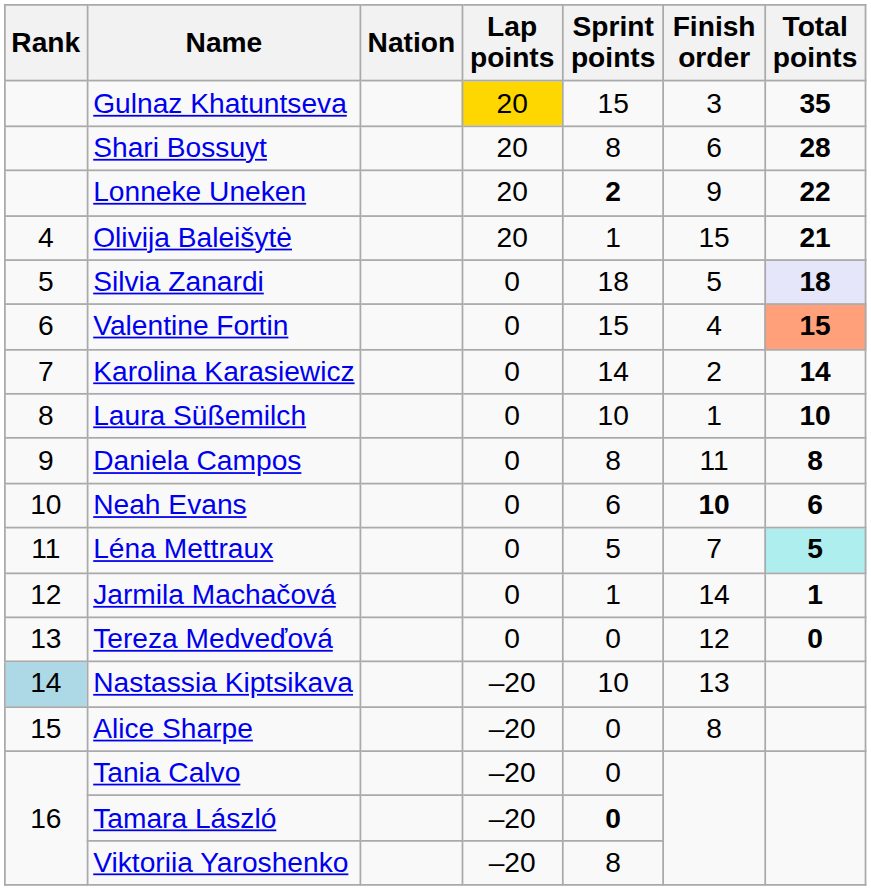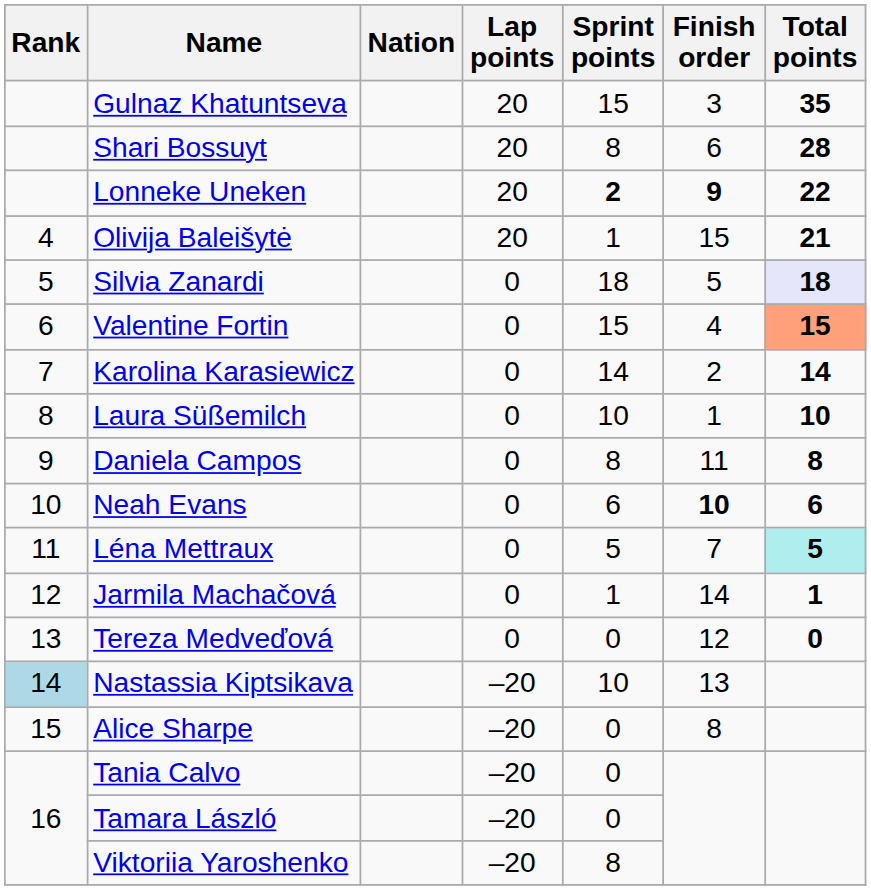 <table class="wikitable sortable" style="text-align:center">
 <tr>
 <th>Rank</th>
 <th>Name</th>
 <th>Nation</th>
 <th width=50>Lap points</th>
 <th width=50>Sprint points</th>
 <th width=50>Finish order</th>
 <th width=50>Total points</th>
 </tr>
 <tr>
 <td></td>
 <td align=left><a href='#'>Gulnaz Khatuntseva</a></td>
 <td align=left></td>
-<td style="background: gold;">20</td>
+<td>20</td>
 <td>15</td>
 <td>3</td>
 <td><strong>35</strong></td>
 </tr>
 <tr>
 <td></td>
 <td align=left><a href='#'>Shari Bossuyt</a></td>
 <td align=left></td>
 <td>20</td>
 <td>8</td>
 <td>6</td>
 <td><strong>28</strong></td>
 </tr>
 <tr>
 <td></td>
 <td align=left><a href='#'>Lonneke Uneken</a></td>
 <td align=left></td>
 <td>20</td>
 <td><strong>2</strong></td>
-<td>9</td>
+<td><strong>9</strong></td>
 <td><strong>22</strong></td>
 </tr>
 <tr>
 <td>4</td>
 <td align=left><a href='#'>Olivija Baleišytė</a></td>
 <td align=left></td>
 <td>20</td>
 <td>1</td>
 <td>15</td>
 <td><strong>21</strong></td>
 </tr>
 <tr>
 <td>5</td>
 <td align=left><a href='#'>Silvia Zanardi</a></td>
 <td align=left></td>
 <td>0</td>
 <td>18</td>
 <td>5</td>
 <td style="background: lavender;"><strong>18</strong></td>
 </tr>
 <tr>
 <td>6</td>
 <td align=left><a href='#'>Valentine Fortin</a></td>
 <td align=left></td>
 <td>0</td>
 <td>15</td>
 <td>4</td>
 <td style="background: lightsalmon;"><strong>15</strong></td>
 </tr>
 <tr>
 <td>7</td>
 <td align=left><a href='#'>Karolina Karasiewicz</a></td>
 <td align=left></td>
 <td>0</td>
 <td>14</td>
 <td>2</td>
 <td><strong>14</strong></td>
 </tr>
 <tr>
 <td>8</td>
 <td align=left><a href='#'>Laura Süßemilch</a></td>
 <td align=left></td>
 <td>0</td>
 <td>10</td>
 <td>1</td>
 <td><strong>10</strong></td>
 </tr>
 <tr>
 <td>9</td>
 <td align=left><a href='#'>Daniela Campos</a></td>
 <td align=left></td>
 <td>0</td>
 <td>8</td>
 <td>11</td>
 <td><strong>8</strong></td>
 </tr>
 <tr>
 <td>10</td>
 <td align=left><a href='#'>Neah Evans</a></td>
 <td align=left></td>
 <td>0</td>
 <td>6</td>
 <td><strong>10</strong></td>
 <td><strong>6</strong></td>
 </tr>
 <tr>
 <td>11</td>
 <td align=left><a href='#'>Léna Mettraux</a></td>
 <td align=left></td>
 <td>0</td>
 <td>5</td>
 <td>7</td>
 <td style="background: paleturquoise;"><strong>5</strong></td>
 </tr>
 <tr>
 <td>12</td>
 <td align=left><a href='#'>Jarmila Machačová</a></td>
 <td align=left></td>
 <td>0</td>
 <td>1</td>
 <td>14</td>
 <td><strong>1</strong></td>
 </tr>
 <tr>
 <td>13</td>
 <td align=left><a href='#'>Tereza Medveďová</a></td>
 <td align=left></td>
 <td>0</td>
 <td>0</td>
 <td>12</td>
 <td><strong>0</strong></td>
 </tr>
 <tr>
 <td style="background: lightblue;">14</td>
 <td align=left><a href='#'>Nastassia Kiptsikava</a></td>
 <td align=left></td>
 <td>–20</td>
 <td>10</td>
 <td>13</td>
 <td><strong></strong></td>
 </tr>
 <tr>
 <td>15</td>
 <td align=left><a href='#'>Alice Sharpe</a></td>
 <td align=left></td>
 <td>–20</td>
 <td>0</td>
 <td>8</td>
 <td><strong></strong></td>
 </tr>
 <tr>
 <td rowspan=3>16</td>
 <td align=left><a href='#'>Tania Calvo</a></td>
 <td align=left></td>
 <td>–20</td>
 <td>0</td>
 <td rowspan=3></td>
 <td rowspan=3></td>
 </tr>
 <tr>
 <td align=left><a href='#'>Tamara László</a></td>
 <td align=left></td>
 <td>–20</td>
-<td><strong>0</strong></td>
+<td>0</td>
 </tr>
 <tr>
 <td align=left><a href='#'>Viktoriia Yaroshenko</a></td>
 <td align=left></td>
 <td>–20</td>
 <td>8</td>
 </tr>
 </table>
